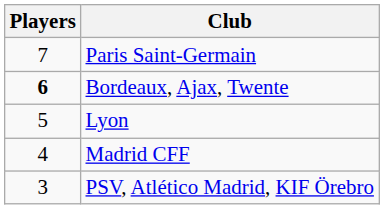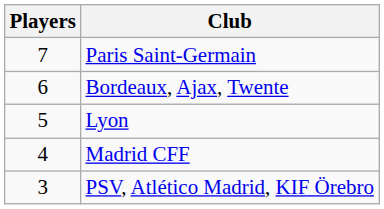 <table class="wikitable">
 <tr>
 <th>Players</th>
 <th>Club</th>
 </tr>
 <tr>
 <td align="center">7</td>
 <td> <a href='#'>Paris Saint-Germain</a></td>
 </tr>
 <tr>
-<td align="center"><strong>6</strong></td>
+<td align="center">6</td>
 <td> <a href='#'>Bordeaux</a>,  <a href='#'>Ajax</a>,  <a href='#'>Twente</a></td>
 </tr>
 <tr>
 <td align="center">5</td>
 <td> <a href='#'>Lyon</a></td>
 </tr>
 <tr>
 <td align="center">4</td>
 <td> <a href='#'>Madrid CFF</a></td>
 </tr>
 <tr>
 <td align="center">3</td>
 <td> <a href='#'>PSV</a>,  <a href='#'>Atlético Madrid</a>,  <a href='#'>KIF Örebro</a></td>
 </tr>
 </table>
